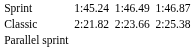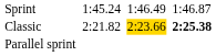 <table>
 <tr>
 <td>Sprint</td>
 <td></td>
 <td>1:45.24</td>
 <td></td>
 <td>1:46.49</td>
 <td></td>
 <td>1:46.87</td>
 </tr>
 <tr>
 <td>Classic</td>
 <td></td>
 <td>2:21.82</td>
 <td></td>
-<td>2:23.66</td>
+<td style="background: gold;">2:23.66</td>
 <td></td>
-<td>2:25.38</td>
+<td><strong>2:25.38</strong></td>
 </tr>
 <tr>
 <td>Parallel sprint</td>
 <td colspan="2"></td>
 <td colspan="2"></td>
 <td colspan="2"></td>
 </tr>
 </table>
